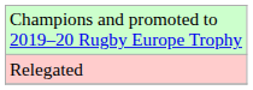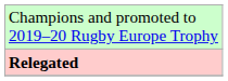 <table class="wikitable">
 <tr width=10px bgcolor="#ccffcc">
 <td>Champions and promoted to<br><a href='#'>2019–20 Rugby Europe Trophy</a></td>
 </tr>
 <tr width=10px bgcolor="#ffcccc">
-<td>Relegated</td>
+<td><strong>Relegated</strong></td>
 </tr>
 <tr>
 </tr>
 </table>
